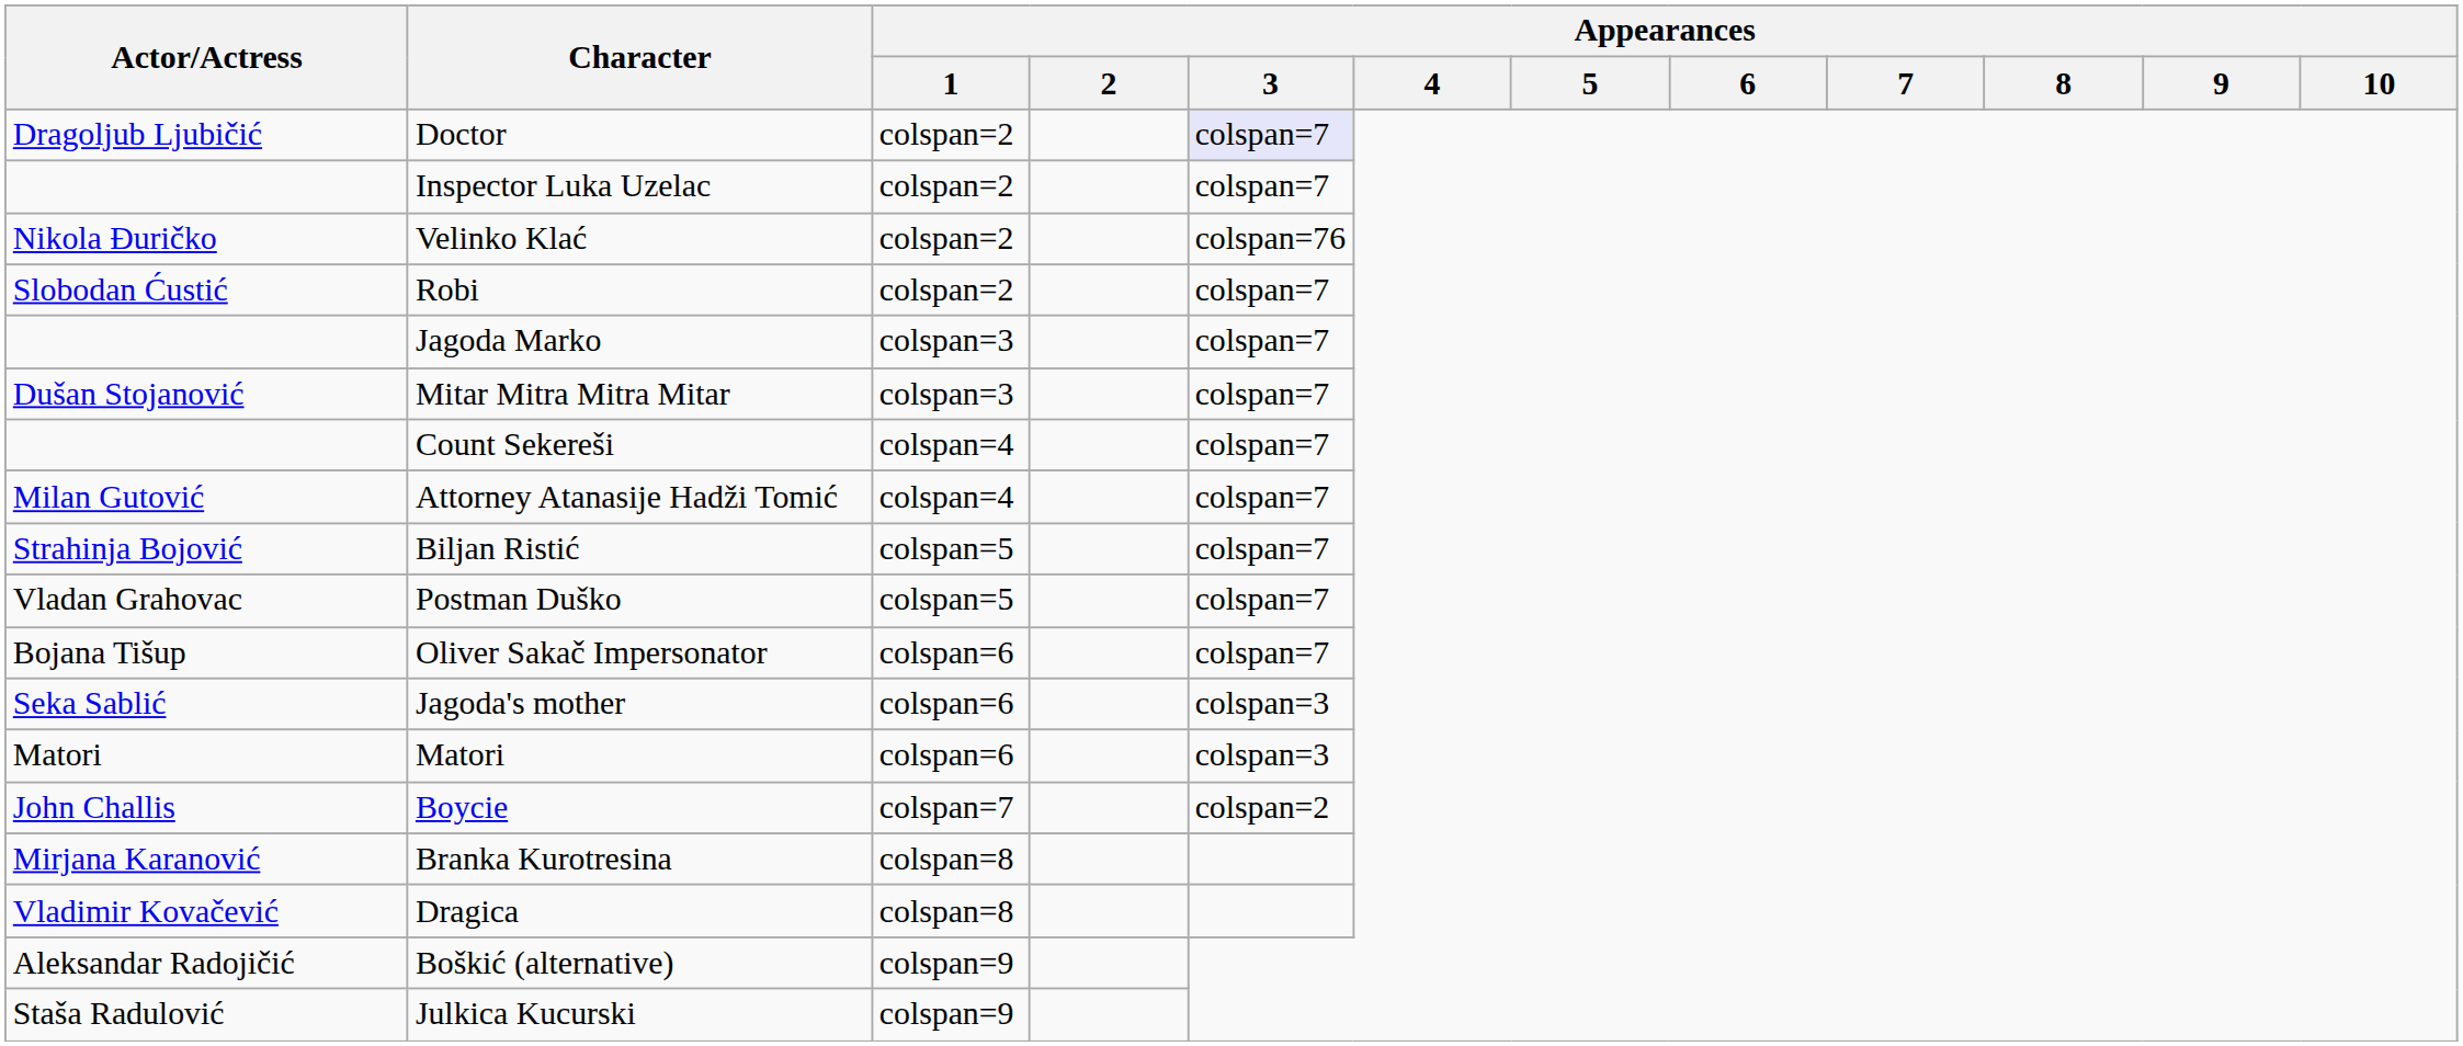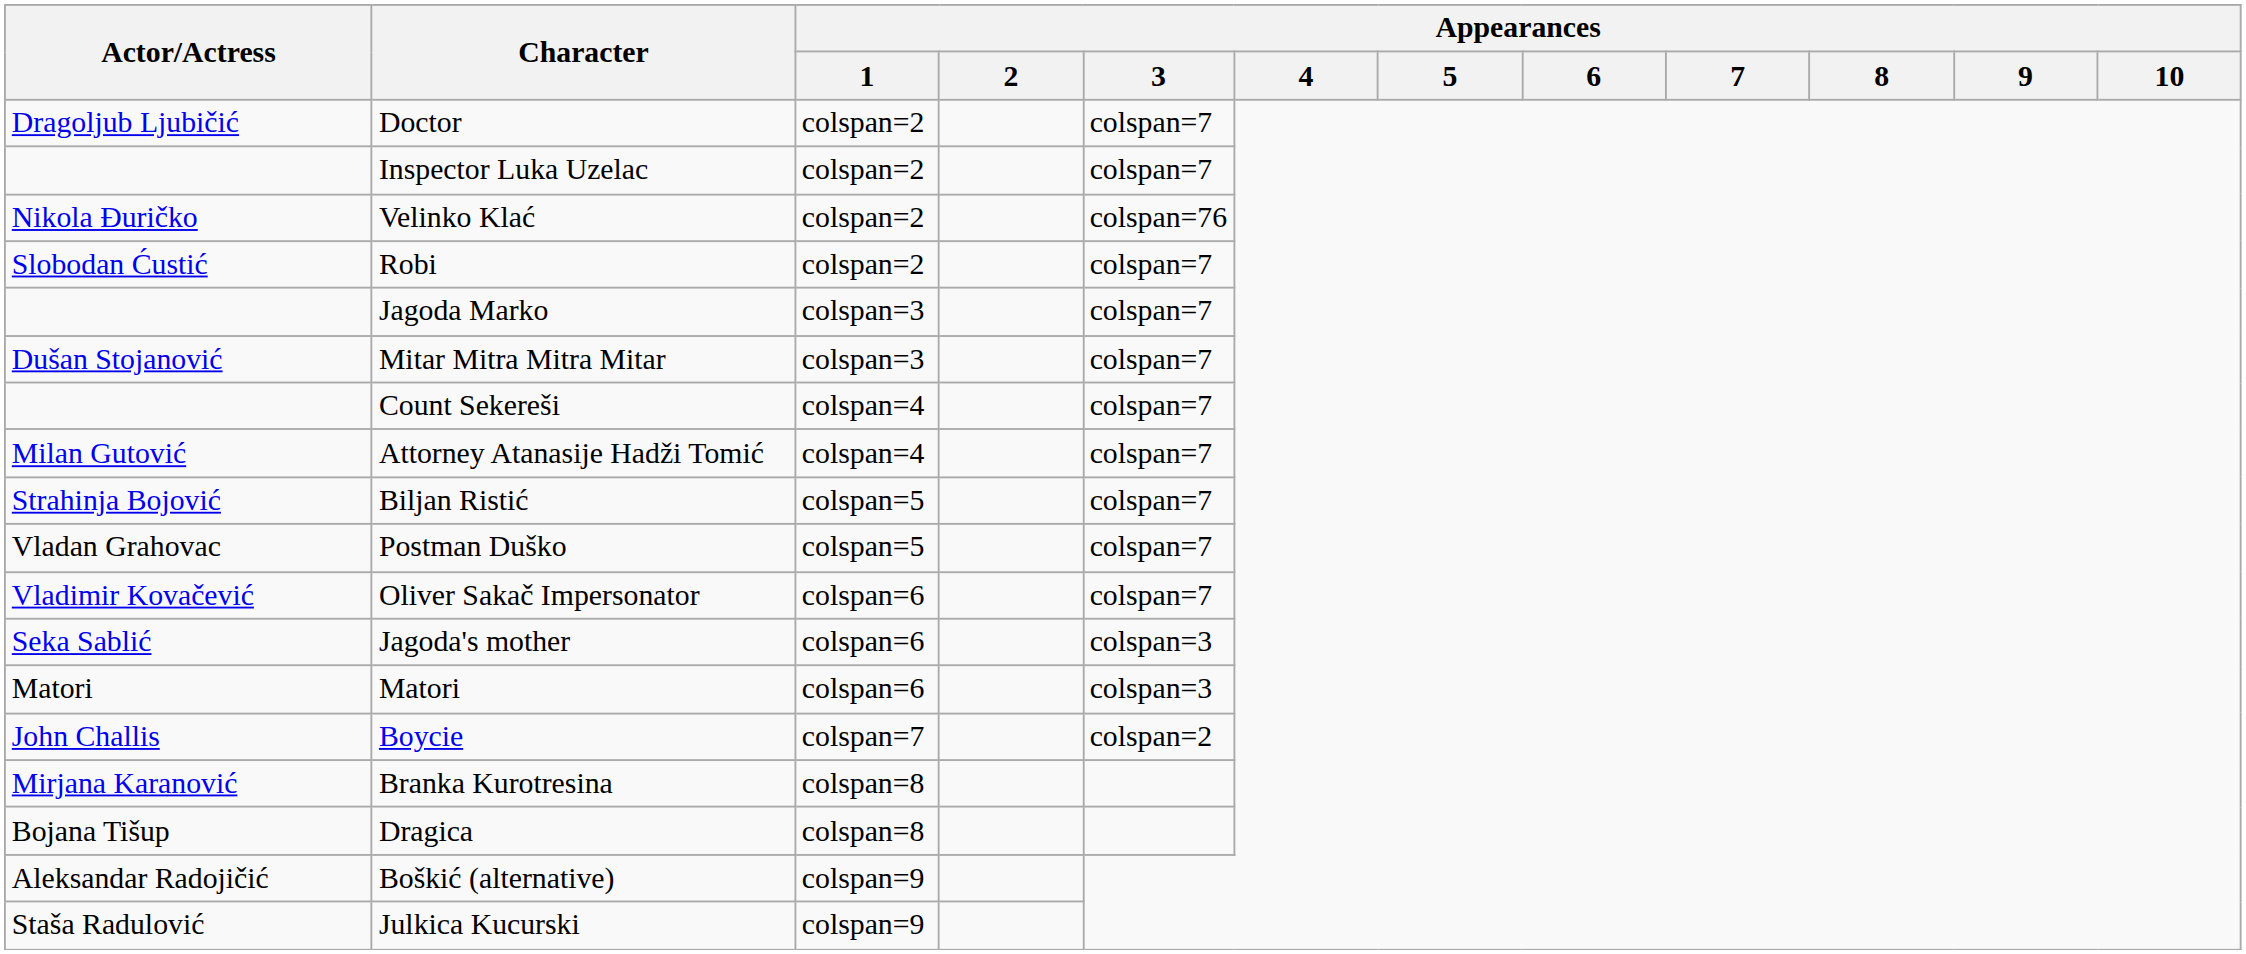 <table class="wikitable">
 <tr>
 <th rowspan=2 style="width:190px;">Actor/Actress</th>
 <th rowspan=2 style="width:220px;">Character</th>
 <th colspan=10>Appearances</th>
 </tr>
 <tr>
 <th style="width:70px;">1</th>
 <th style="width:70px;">2</th>
 <th style="width:70px;">3</th>
 <th style="width:70px;">4</th>
 <th style="width:70px;">5</th>
 <th style="width:70px;">6</th>
 <th style="width:70px;">7</th>
 <th style="width:70px;">8</th>
 <th style="width:70px;">9</th>
 <th style="width:70px;">10</th>
 </tr>
 <tr>
 <td><a href='#'>Dragoljub Ljubičić</a></td>
 <td>Doctor</td>
 <td>colspan=2 </td>
 <td></td>
-<td style="background: lavender;">colspan=7 </td>
+<td>colspan=7 </td>
 </tr>
 <tr>
 <td></td>
 <td>Inspector Luka Uzelac</td>
 <td>colspan=2 </td>
 <td></td>
 <td>colspan=7 </td>
 </tr>
 <tr>
 <td><a href='#'>Nikola Đuričko</a></td>
 <td>Velinko Klać</td>
 <td>colspan=2 </td>
 <td></td>
 <td>colspan=76 </td>
 </tr>
 <tr>
 <td><a href='#'>Slobodan Ćustić</a></td>
 <td>Robi</td>
 <td>colspan=2 </td>
 <td></td>
 <td>colspan=7 </td>
 </tr>
 <tr>
 <td></td>
 <td>Jagoda Marko</td>
 <td>colspan=3 </td>
 <td></td>
 <td>colspan=7 </td>
 </tr>
 <tr>
 <td><a href='#'>Dušan Stojanović</a></td>
 <td>Mitar Mitra Mitra Mitar</td>
 <td>colspan=3 </td>
 <td></td>
 <td>colspan=7 </td>
 </tr>
 <tr>
 <td></td>
 <td>Count Sekereši</td>
 <td>colspan=4 </td>
 <td></td>
 <td>colspan=7 </td>
 </tr>
 <tr>
 <td><a href='#'>Milan Gutović</a></td>
 <td>Attorney Atanasije Hadži Tomić</td>
 <td>colspan=4 </td>
 <td></td>
 <td>colspan=7 </td>
 </tr>
 <tr>
 <td><a href='#'>Strahinja Bojović</a></td>
 <td>Biljan Ristić</td>
 <td>colspan=5 </td>
 <td></td>
 <td>colspan=7 </td>
 </tr>
 <tr>
 <td>Vladan Grahovac</td>
 <td>Postman Duško</td>
 <td>colspan=5 </td>
 <td></td>
 <td>colspan=7 </td>
 </tr>
 <tr>
-<td>Bojana Tišup</td>
+<td><a href='#'>Vladimir Kovačević</a></td>
 <td>Oliver Sakač Impersonator</td>
 <td>colspan=6 </td>
 <td></td>
 <td>colspan=7 </td>
 </tr>
 <tr>
 <td><a href='#'>Seka Sablić</a></td>
 <td>Jagoda's mother</td>
 <td>colspan=6 </td>
 <td></td>
 <td>colspan=3 </td>
 </tr>
 <tr>
 <td>Matori</td>
 <td>Matori</td>
 <td>colspan=6 </td>
 <td></td>
 <td>colspan=3 </td>
 </tr>
 <tr>
 <td><a href='#'>John Challis</a></td>
 <td><a href='#'>Boycie</a></td>
 <td>colspan=7 </td>
 <td></td>
 <td>colspan=2 </td>
 </tr>
 <tr>
 <td><a href='#'>Mirjana Karanović</a></td>
 <td>Branka Kurotresina</td>
 <td>colspan=8 </td>
 <td></td>
 <td></td>
 </tr>
 <tr>
-<td><a href='#'>Vladimir Kovačević</a></td>
+<td>Bojana Tišup</td>
 <td>Dragica</td>
 <td>colspan=8 </td>
 <td></td>
 <td></td>
 </tr>
 <tr>
 <td>Aleksandar Radojičić</td>
 <td>Boškić (alternative)</td>
 <td>colspan=9 </td>
 <td></td>
 </tr>
 <tr>
 <td>Staša Radulović</td>
 <td>Julkica Kucurski</td>
 <td>colspan=9 </td>
 <td></td>
 </tr>
 </table>
